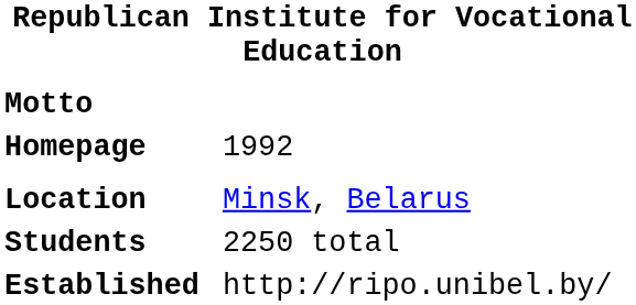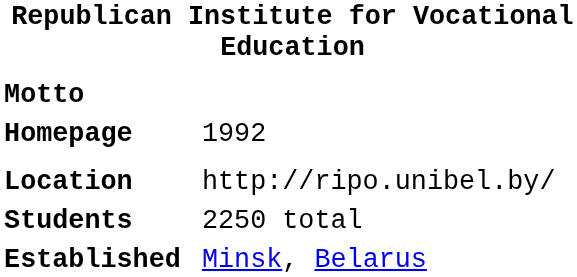 <table id="toc" style="float: right; margin: 0 0 1em 1em; width:22em;">
 <tr>
 <td colspan="2" style="font-weight: bold; text-align: center;">Republican Institute for Vocational Education</td>
 </tr>
 <tr>
 <td colspan="2" style="text-align:center;"></td>
 </tr>
 <tr style="vertical-align:top;">
 <td style="font-weight:bold">Motto</td>
 <td></td>
 </tr>
 <tr style="vertical-align:top;">
 <td style="font-weight:bold">Homepage</td>
 <td>1992</td>
 </tr>
 <tr style="vertical-align:top;">
 <td style="font-weight:bold"></td>
 </tr>
 <tr style="vertical-align:top;">
 <td style="font-weight:bold">Location</td>
-<td><a href='#'>Minsk</a>, <a href='#'>Belarus</a></td>
+<td>http://ripo.unibel.by/</td>
 </tr>
 <tr style="vertical-align:top;">
 <td style="font-weight:bold">Students</td>
 <td>2250 total</td>
 </tr>
 <tr style="vertical-align:top;">
 <td style="font-weight:bold">Established</td>
-<td>http://ripo.unibel.by/</td>
+<td><a href='#'>Minsk</a>, <a href='#'>Belarus</a></td>
 </tr>
 </table>
